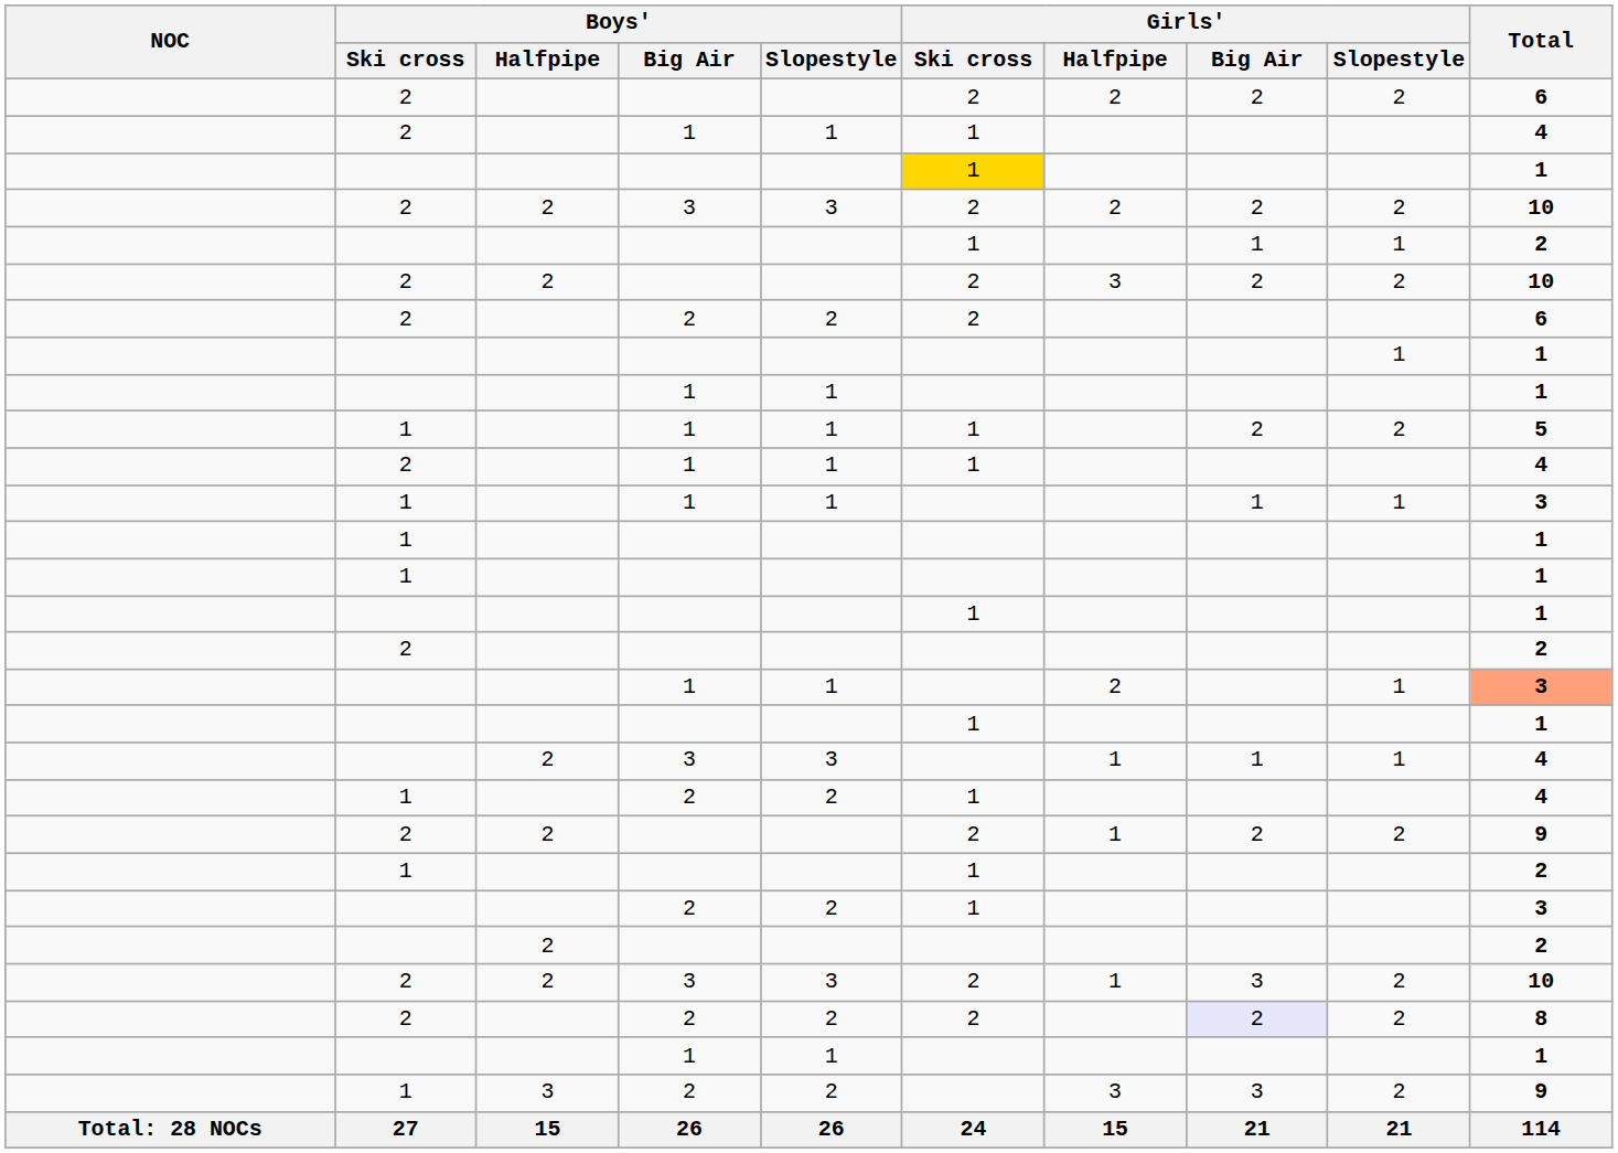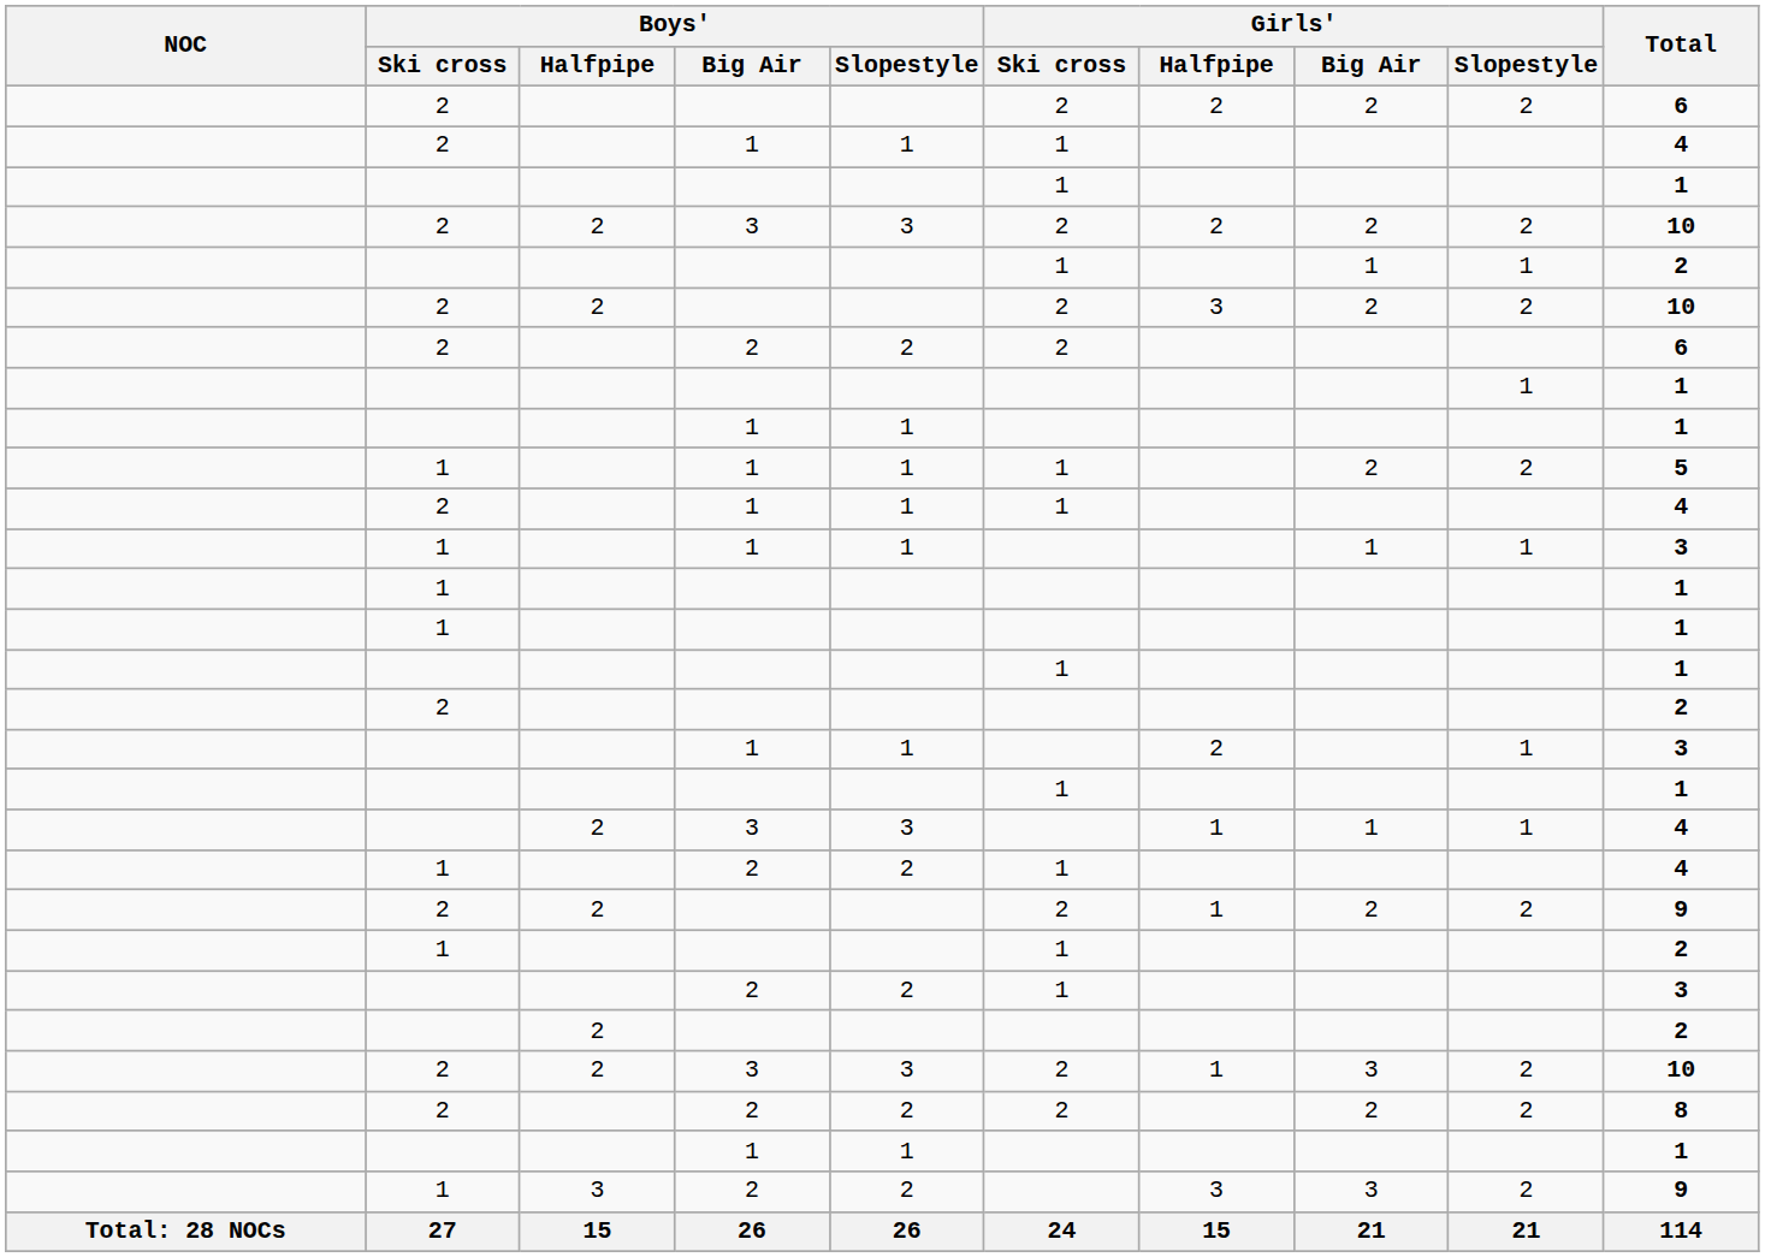 <table class="wikitable" style="text-align:center; font-size:90%">
 <tr>
 <th width=170 align=left rowspan=2>NOC</th>
 <th colspan=4>Boys'</th>
 <th colspan=4>Girls'</th>
 <th width=70 rowspan=2>Total</th>
 </tr>
 <tr>
 <th width=70>Ski cross</th>
 <th width=70>Halfpipe</th>
 <th width=70>Big Air</th>
 <th width=70>Slopestyle</th>
 <th width=70>Ski cross</th>
 <th width=70>Halfpipe</th>
 <th width=70>Big Air</th>
 <th width=70>Slopestyle</th>
 </tr>
 <tr>
 <td align=left></td>
 <td>2</td>
 <td></td>
 <td></td>
 <td></td>
 <td>2</td>
 <td>2</td>
 <td>2</td>
 <td>2</td>
 <td><strong>6</strong></td>
 </tr>
 <tr>
 <td align=left></td>
 <td>2</td>
 <td></td>
 <td>1</td>
 <td>1</td>
 <td>1</td>
 <td></td>
 <td></td>
 <td></td>
 <td><strong>4</strong></td>
 </tr>
 <tr>
 <td align=left></td>
 <td></td>
 <td></td>
 <td></td>
 <td></td>
-<td style="background: gold;">1</td>
+<td>1</td>
 <td></td>
 <td></td>
 <td></td>
 <td><strong>1</strong></td>
 </tr>
 <tr>
 <td align=left></td>
 <td>2</td>
 <td>2</td>
 <td>3</td>
 <td>3</td>
 <td>2</td>
 <td>2</td>
 <td>2</td>
 <td>2</td>
 <td><strong>10</strong></td>
 </tr>
 <tr>
 <td align=left></td>
 <td></td>
 <td></td>
 <td></td>
 <td></td>
 <td>1</td>
 <td></td>
 <td>1</td>
 <td>1</td>
 <td><strong>2</strong></td>
 </tr>
 <tr>
 <td align=left></td>
 <td>2</td>
 <td>2</td>
 <td></td>
 <td></td>
 <td>2</td>
 <td>3</td>
 <td>2</td>
 <td>2</td>
 <td><strong>10</strong></td>
 </tr>
 <tr>
 <td align=left></td>
 <td>2</td>
 <td></td>
 <td>2</td>
 <td>2</td>
 <td>2</td>
 <td></td>
 <td></td>
 <td></td>
 <td><strong>6</strong></td>
 </tr>
 <tr>
 <td align=left></td>
 <td></td>
 <td></td>
 <td></td>
 <td></td>
 <td></td>
 <td></td>
 <td></td>
 <td>1</td>
 <td><strong>1</strong></td>
 </tr>
 <tr>
 <td align=left></td>
 <td></td>
 <td></td>
 <td>1</td>
 <td>1</td>
 <td></td>
 <td></td>
 <td></td>
 <td></td>
 <td><strong>1</strong></td>
 </tr>
 <tr>
 <td align=left></td>
 <td>1</td>
 <td></td>
 <td>1</td>
 <td>1</td>
 <td>1</td>
 <td></td>
 <td>2</td>
 <td>2</td>
 <td><strong>5</strong></td>
 </tr>
 <tr>
 <td align=left></td>
 <td>2</td>
 <td></td>
 <td>1</td>
 <td>1</td>
 <td>1</td>
 <td></td>
 <td></td>
 <td></td>
 <td><strong>4</strong></td>
 </tr>
 <tr>
 <td align=left></td>
 <td>1</td>
 <td></td>
 <td>1</td>
 <td>1</td>
 <td></td>
 <td></td>
 <td>1</td>
 <td>1</td>
 <td><strong>3</strong></td>
 </tr>
 <tr>
 <td align=left></td>
 <td>1</td>
 <td></td>
 <td></td>
 <td></td>
 <td></td>
 <td></td>
 <td></td>
 <td></td>
 <td><strong>1</strong></td>
 </tr>
 <tr>
 <td align=left></td>
 <td>1</td>
 <td></td>
 <td></td>
 <td></td>
 <td></td>
 <td></td>
 <td></td>
 <td></td>
 <td><strong>1</strong></td>
 </tr>
 <tr>
 <td align=left></td>
 <td></td>
 <td></td>
 <td></td>
 <td></td>
 <td>1</td>
 <td></td>
 <td></td>
 <td></td>
 <td><strong>1</strong></td>
 </tr>
 <tr>
 <td align=left></td>
 <td>2</td>
 <td></td>
 <td></td>
 <td></td>
 <td></td>
 <td></td>
 <td></td>
 <td></td>
 <td><strong>2</strong></td>
 </tr>
 <tr>
 <td align=left></td>
 <td></td>
 <td></td>
 <td>1</td>
 <td>1</td>
 <td></td>
 <td>2</td>
 <td></td>
 <td>1</td>
-<td style="background: lightsalmon;"><strong>3</strong></td>
+<td><strong>3</strong></td>
 </tr>
 <tr>
 <td align=left></td>
 <td></td>
 <td></td>
 <td></td>
 <td></td>
 <td>1</td>
 <td></td>
 <td></td>
 <td></td>
 <td><strong>1</strong></td>
 </tr>
 <tr>
 <td align=left></td>
 <td></td>
 <td>2</td>
 <td>3</td>
 <td>3</td>
 <td></td>
 <td>1</td>
 <td>1</td>
 <td>1</td>
 <td><strong>4</strong></td>
 </tr>
 <tr>
 <td align=left></td>
 <td>1</td>
 <td></td>
 <td>2</td>
 <td>2</td>
 <td>1</td>
 <td></td>
 <td></td>
 <td></td>
 <td><strong>4</strong></td>
 </tr>
 <tr>
 <td align=left></td>
 <td>2</td>
 <td>2</td>
 <td></td>
 <td></td>
 <td>2</td>
 <td>1</td>
 <td>2</td>
 <td>2</td>
 <td><strong>9</strong></td>
 </tr>
 <tr>
 <td align=left></td>
 <td>1</td>
 <td></td>
 <td></td>
 <td></td>
 <td>1</td>
 <td></td>
 <td></td>
 <td></td>
 <td><strong>2</strong></td>
 </tr>
 <tr>
 <td align=left></td>
 <td></td>
 <td></td>
 <td>2</td>
 <td>2</td>
 <td>1</td>
 <td></td>
 <td></td>
 <td></td>
 <td><strong>3</strong></td>
 </tr>
 <tr>
 <td align=left></td>
 <td></td>
 <td>2</td>
 <td></td>
 <td></td>
 <td></td>
 <td></td>
 <td></td>
 <td></td>
 <td><strong>2</strong></td>
 </tr>
 <tr>
 <td align=left></td>
 <td>2</td>
 <td>2</td>
 <td>3</td>
 <td>3</td>
 <td>2</td>
 <td>1</td>
 <td>3</td>
 <td>2</td>
 <td><strong>10</strong></td>
 </tr>
 <tr>
 <td align=left></td>
 <td>2</td>
 <td></td>
 <td>2</td>
 <td>2</td>
 <td>2</td>
 <td></td>
-<td style="background: lavender;">2</td>
+<td>2</td>
 <td>2</td>
 <td><strong>8</strong></td>
 </tr>
 <tr>
 <td align=left></td>
 <td></td>
 <td></td>
 <td>1</td>
 <td>1</td>
 <td></td>
 <td></td>
 <td></td>
 <td></td>
 <td><strong>1</strong></td>
 </tr>
 <tr>
 <td align=left></td>
 <td>1</td>
 <td>3</td>
 <td>2</td>
 <td>2</td>
 <td></td>
 <td>3</td>
 <td>3</td>
 <td>2</td>
 <td><strong>9</strong></td>
 </tr>
 <tr>
 <th>Total: 28 NOCs</th>
 <th>27</th>
 <th>15</th>
 <th>26</th>
 <th>26</th>
 <th>24</th>
 <th>15</th>
 <th>21</th>
 <th>21</th>
 <th>114</th>
 </tr>
 </table>
